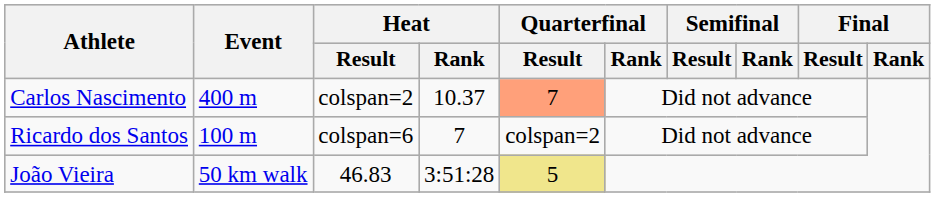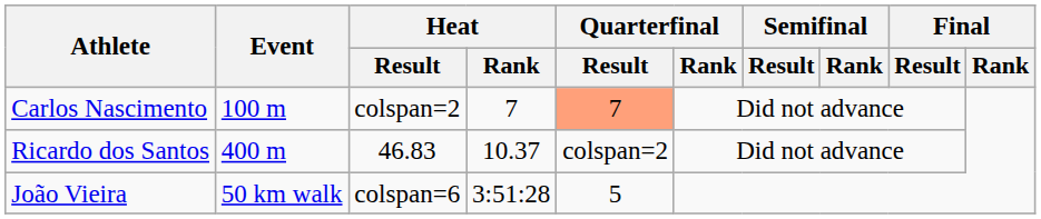 <table class="wikitable" style="font-size:90%">
 <tr>
 <th rowspan="2">Athlete</th>
 <th rowspan="2">Event</th>
 <th colspan="2">Heat</th>
 <th colspan="2">Quarterfinal</th>
 <th colspan="2">Semifinal</th>
 <th colspan="2">Final</th>
 </tr>
 <tr style="font-size:95%">
 <th>Result</th>
 <th>Rank</th>
 <th>Result</th>
 <th>Rank</th>
 <th>Result</th>
 <th>Rank</th>
 <th>Result</th>
 <th>Rank</th>
 </tr>
 <tr align=center>
 <td align=left><a href='#'>Carlos Nascimento</a></td>
-<td align=left><a href='#'>400 m</a></td>
+<td align=left><a href='#'>100 m</a></td>
 <td>colspan=2 </td>
-<td>10.37</td>
+<td>7</td>
 <td style="background: lightsalmon;">7</td>
 <td colspan=4>Did not advance</td>
 </tr>
 <tr align=center>
 <td align=left><a href='#'>Ricardo dos Santos</a></td>
-<td align=left><a href='#'>100 m</a></td>
-<td>colspan=6 </td>
-<td>7</td>
+<td align=left><a href='#'>400 m</a></td>
+<td>46.83</td>
+<td>10.37</td>
 <td>colspan=2 </td>
 <td colspan=4>Did not advance</td>
 </tr>
 <tr align=center>
 <td align=left><a href='#'>João Vieira</a></td>
 <td align=left><a href='#'>50 km walk</a></td>
-<td>46.83</td>
+<td>colspan=6 </td>
 <td>3:51:28</td>
-<td style="background: khaki;">5</td>
+<td>5</td>
 </tr>
 </table>
